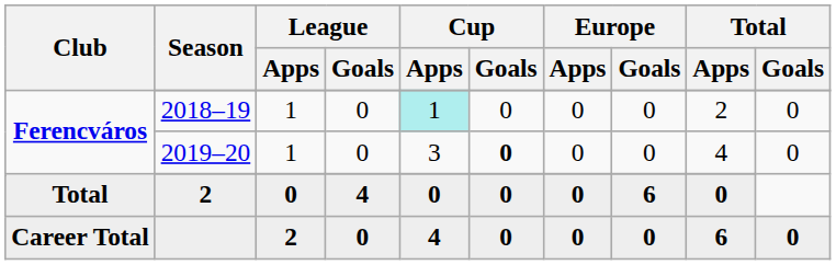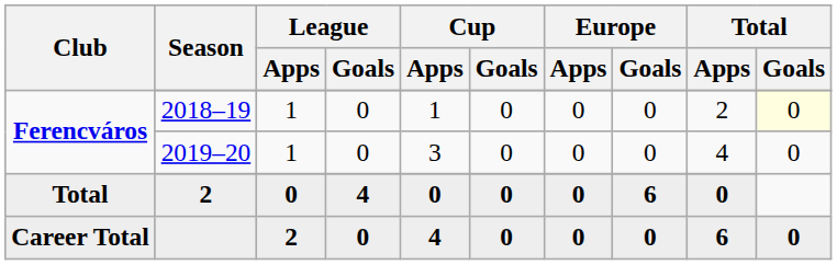 <table class="wikitable" style="font-size:90%; text-align: center;">
 <tr>
 <th rowspan="2">Club</th>
 <th rowspan="2">Season</th>
 <th colspan="2">League</th>
 <th colspan="2">Cup</th>
 <th colspan="2">Europe</th>
 <th colspan="2">Total</th>
 </tr>
 <tr>
 <th>Apps</th>
 <th>Goals</th>
 <th>Apps</th>
 <th>Goals</th>
 <th>Apps</th>
 <th>Goals</th>
 <th>Apps</th>
 <th>Goals</th>
 </tr>
 <tr ||-||-||-|->
 <td rowspan="4" valign="center"><strong><a href='#'>Ferencváros</a></strong></td>
 </tr>
 <tr>
 <td><a href='#'>2018–19</a></td>
 <td>1</td>
 <td>0</td>
-<td style="background: paleturquoise;">1</td>
+<td>1</td>
 <td>0</td>
 <td>0</td>
 <td>0</td>
 <td>2</td>
-<td>0</td>
+<td style="background: lightyellow;">0</td>
 </tr>
 <tr>
 <td><a href='#'>2019–20</a></td>
 <td>1</td>
 <td>0</td>
 <td>3</td>
-<td><strong>0</strong></td>
+<td>0</td>
 <td>0</td>
 <td>0</td>
 <td>4</td>
 <td>0</td>
 </tr>
 <tr>
 </tr>
 <tr style="font-weight:bold; background-color:#eeeeee;">
 <td>Total</td>
 <td>2</td>
 <td>0</td>
 <td>4</td>
 <td>0</td>
 <td>0</td>
 <td>0</td>
 <td>6</td>
 <td>0</td>
 </tr>
 <tr style="font-weight:bold; background-color:#eeeeee;">
 <td rowspan="1" valign="top"><strong>Career Total</strong></td>
 <td></td>
 <td><strong>2</strong></td>
 <td><strong>0</strong></td>
 <td><strong>4</strong></td>
 <td><strong>0</strong></td>
 <td><strong>0</strong></td>
 <td><strong>0</strong></td>
 <td><strong>6</strong></td>
 <td><strong>0</strong></td>
 </tr>
 </table>
